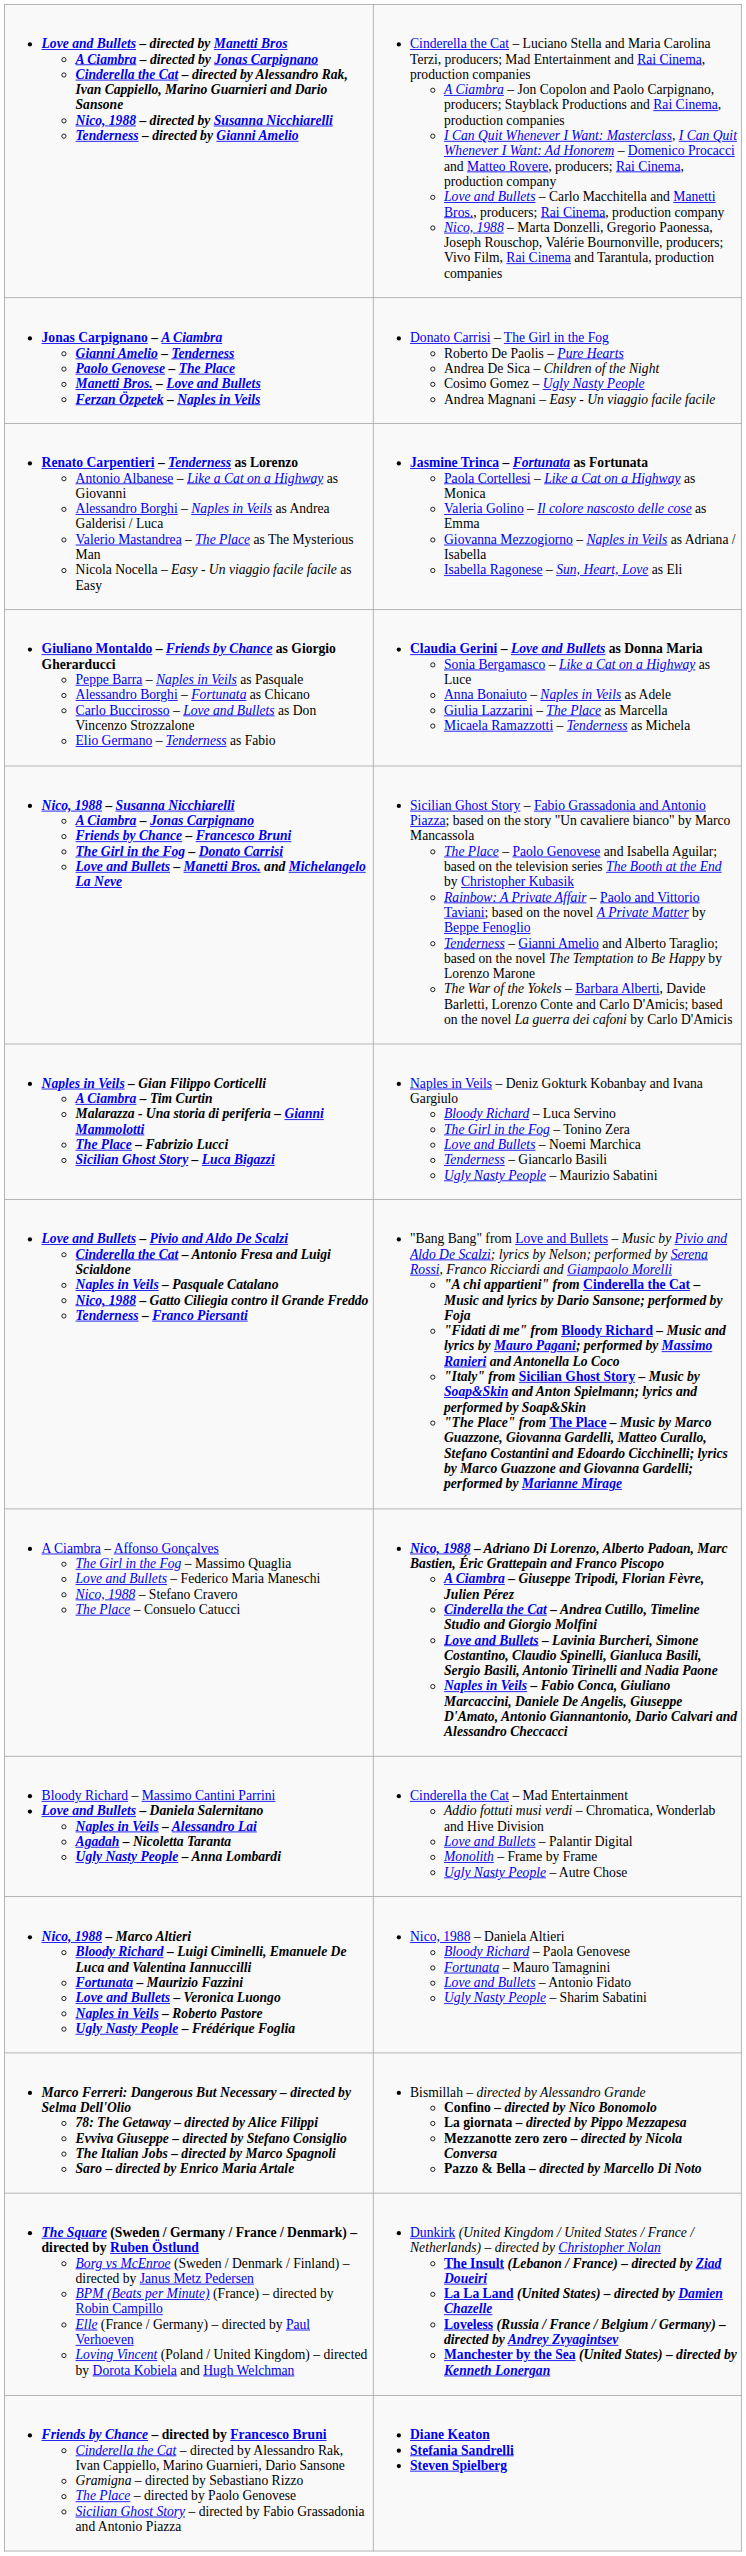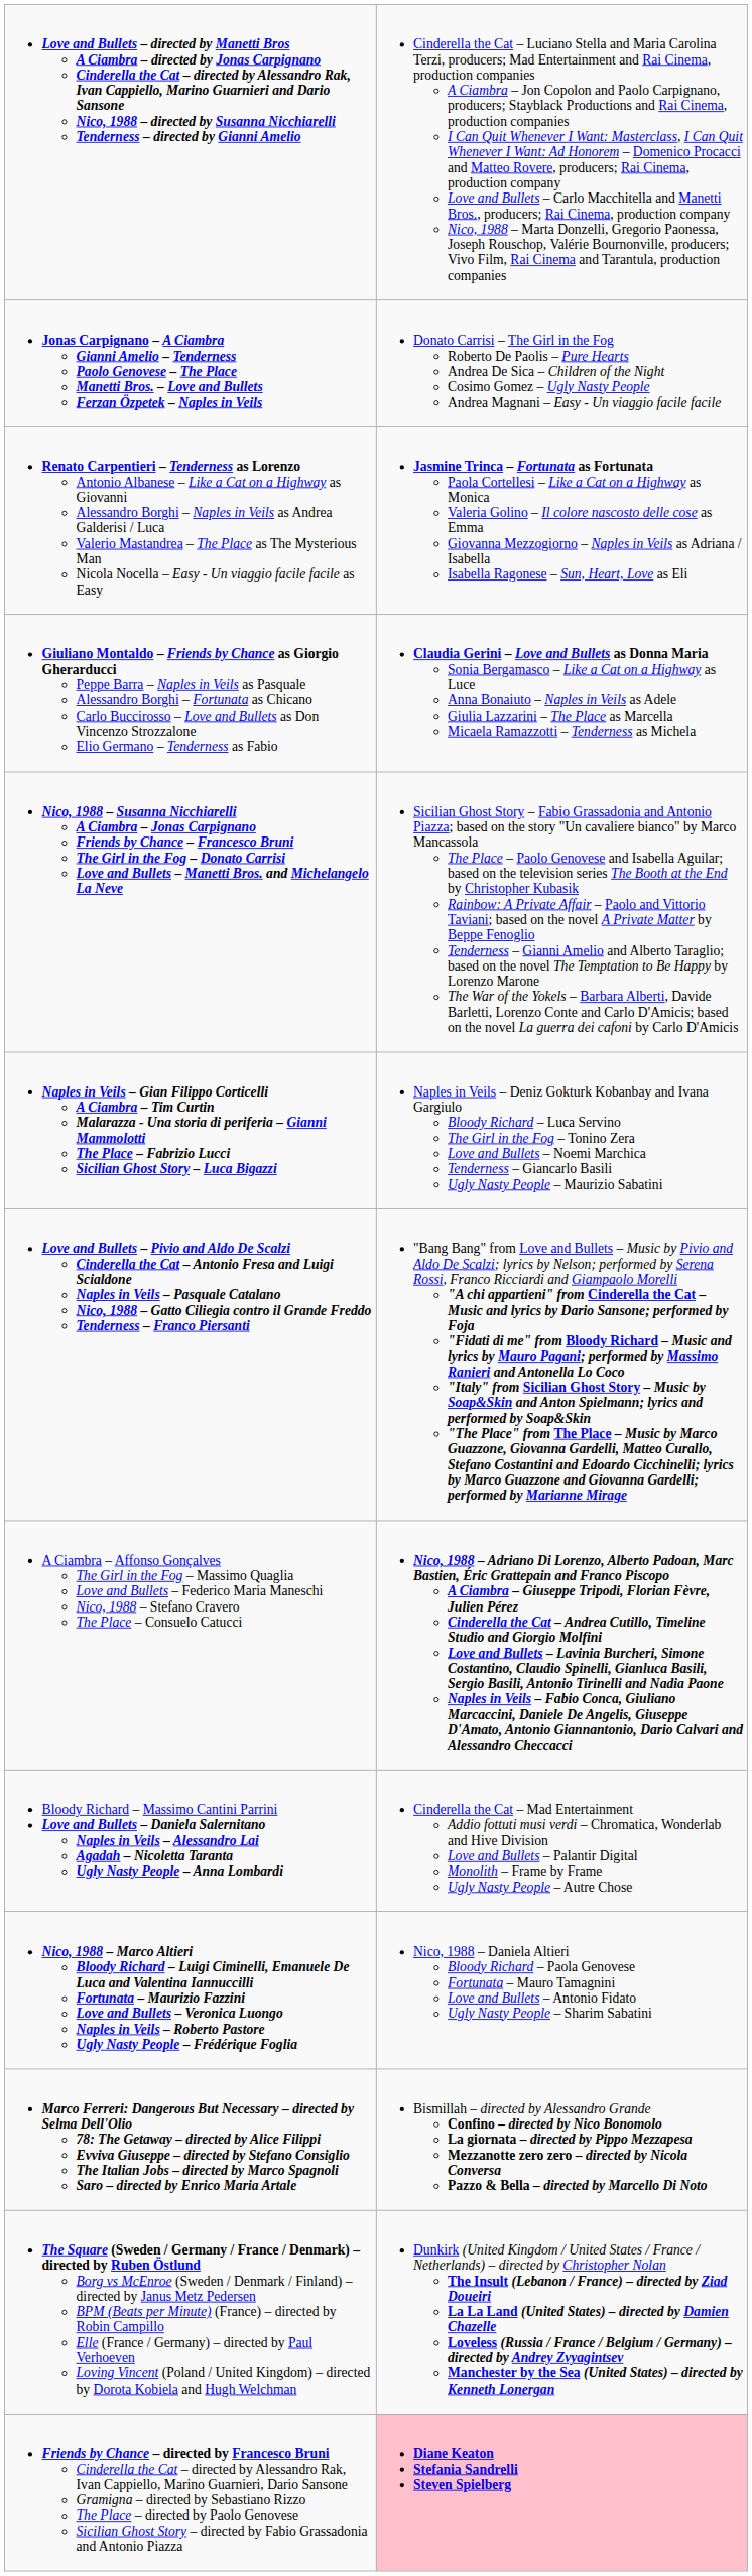 <table class="wikitable" role="presentation">
 <tr>
 <td style="vertical-align:top; width:50%;"><br><ul><li><strong><em><a href='#'>Love and Bullets</a><em> – directed by <a href='#'>Manetti Bros</a><strong><ul><li></em><a href='#'>A Ciambra</a><em> – directed by <a href='#'>Jonas Carpignano</a></li><li></em><a href='#'>Cinderella the Cat</a><em> – directed by Alessandro Rak, Ivan Cappiello, Marino Guarnieri and Dario Sansone</li><li></em><a href='#'>Nico, 1988</a><em> – directed by <a href='#'>Susanna Nicchiarelli</a></li><li></em><a href='#'>Tenderness</a><em> – directed by <a href='#'>Gianni Amelio</a></li></ul></li></ul></td>
 <td style="vertical-align:top; width:50%;"><br><ul><li></em></strong><a href='#'>Cinderella the Cat</a></em> – Luciano Stella and Maria Carolina Terzi, producers; Mad Entertainment and <a href='#'>Rai Cinema</a>, production companies</strong><ul><li><em><a href='#'>A Ciambra</a></em> – Jon Copolon and Paolo Carpignano, producers; Stayblack Productions and <a href='#'>Rai Cinema</a>, production companies</li><li><em><a href='#'>I Can Quit Whenever I Want: Masterclass</a>, <a href='#'>I Can Quit Whenever I Want: Ad Honorem</a></em> – <a href='#'>Domenico Procacci</a> and <a href='#'>Matteo Rovere</a>, producers; <a href='#'>Rai Cinema</a>, production company</li><li><em><a href='#'>Love and Bullets</a></em> – Carlo Macchitella and <a href='#'>Manetti Bros.</a>, producers; <a href='#'>Rai Cinema</a>, production company</li><li><em><a href='#'>Nico, 1988</a></em> – Marta Donzelli, Gregorio Paonessa, Joseph Rouschop, Valérie Bournonville, producers; Vivo Film, <a href='#'>Rai Cinema</a> and Tarantula, production companies</li></ul></li></ul></td>
 </tr>
 <tr>
 <td style="vertical-align:top; width:50%;"><br><ul><li><strong><a href='#'>Jonas Carpignano</a> – <em><a href='#'>A Ciambra</a><strong><em><ul><li><a href='#'>Gianni Amelio</a> – </em><a href='#'>Tenderness</a><em></li><li><a href='#'>Paolo Genovese</a> – </em><a href='#'>The Place</a><em></li><li><a href='#'>Manetti Bros.</a> – </em><a href='#'>Love and Bullets</a><em></li><li><a href='#'>Ferzan Özpetek</a> – </em><a href='#'>Naples in Veils</a><em></li></ul></li></ul></td>
 <td style="vertical-align:top; width:50%;"><br><ul><li></strong><a href='#'>Donato Carrisi</a> – </em><a href='#'>The Girl in the Fog</a></em></strong><ul><li>Roberto De Paolis – <em><a href='#'>Pure Hearts</a></em></li><li>Andrea De Sica – <em>Children of the Night</em></li><li>Cosimo Gomez – <em><a href='#'>Ugly Nasty People</a></em></li><li>Andrea Magnani – <em>Easy - Un viaggio facile facile</em></li></ul></li></ul></td>
 </tr>
 <tr>
 <td style="vertical-align:top; width:50%;"><br><ul><li><strong><a href='#'>Renato Carpentieri</a> – <em><a href='#'>Tenderness</a></em> as Lorenzo</strong><ul><li><a href='#'>Antonio Albanese</a> – <em><a href='#'>Like a Cat on a Highway</a></em> as Giovanni</li><li><a href='#'>Alessandro Borghi</a> – <em><a href='#'>Naples in Veils</a></em> as Andrea Galderisi / Luca</li><li><a href='#'>Valerio Mastandrea</a> – <em><a href='#'>The Place</a></em> as The Mysterious Man</li><li>Nicola Nocella – <em>Easy - Un viaggio facile facile</em> as Easy</li></ul></li></ul></td>
 <td style="vertical-align:top; width:50%;"><br><ul><li><strong><a href='#'>Jasmine Trinca</a> – <em><a href='#'>Fortunata</a></em> as Fortunata</strong><ul><li><a href='#'>Paola Cortellesi</a> – <em><a href='#'>Like a Cat on a Highway</a></em> as Monica</li><li><a href='#'>Valeria Golino</a> – <em><a href='#'>Il colore nascosto delle cose</a></em> as Emma</li><li><a href='#'>Giovanna Mezzogiorno</a> – <em><a href='#'>Naples in Veils</a></em> as Adriana / Isabella</li><li><a href='#'>Isabella Ragonese</a> – <em><a href='#'>Sun, Heart, Love</a></em> as Eli</li></ul></li></ul></td>
 </tr>
 <tr>
 <td style="vertical-align:top; width:50%;"><br><ul><li><strong><a href='#'>Giuliano Montaldo</a> – <em><a href='#'>Friends by Chance</a></em> as Giorgio Gherarducci</strong><ul><li><a href='#'>Peppe Barra</a> – <em><a href='#'>Naples in Veils</a></em> as Pasquale</li><li><a href='#'>Alessandro Borghi</a> – <em><a href='#'>Fortunata</a></em> as Chicano</li><li><a href='#'>Carlo Buccirosso</a> – <em><a href='#'>Love and Bullets</a></em> as Don Vincenzo Strozzalone</li><li><a href='#'>Elio Germano</a> – <em><a href='#'>Tenderness</a></em> as Fabio</li></ul></li></ul></td>
 <td style="vertical-align:top; width:50%;"><br><ul><li><strong><a href='#'>Claudia Gerini</a> – <em><a href='#'>Love and Bullets</a></em> as Donna Maria</strong><ul><li><a href='#'>Sonia Bergamasco</a> – <em><a href='#'>Like a Cat on a Highway</a></em> as Luce</li><li><a href='#'>Anna Bonaiuto</a> – <em><a href='#'>Naples in Veils</a></em> as Adele</li><li><a href='#'>Giulia Lazzarini</a> – <em><a href='#'>The Place</a></em> as Marcella</li><li><a href='#'>Micaela Ramazzotti</a> – <em><a href='#'>Tenderness</a></em> as Michela</li></ul></li></ul></td>
 </tr>
 <tr>
 <td style="vertical-align:top; width:50%;"><br><ul><li><strong><em><a href='#'>Nico, 1988</a><em> – <a href='#'>Susanna Nicchiarelli</a><strong><ul><li></em><a href='#'>A Ciambra</a><em> – <a href='#'>Jonas Carpignano</a></li><li></em><a href='#'>Friends by Chance</a><em> – <a href='#'>Francesco Bruni</a></li><li></em><a href='#'>The Girl in the Fog</a><em> – <a href='#'>Donato Carrisi</a></li><li></em><a href='#'>Love and Bullets</a><em> – <a href='#'>Manetti Bros.</a> and <a href='#'>Michelangelo La Neve</a></li></ul></li></ul></td>
 <td style="vertical-align:top; width:50%;"><br><ul><li></em></strong><a href='#'>Sicilian Ghost Story</a></em> – <a href='#'>Fabio Grassadonia and Antonio Piazza</a>; based on the story "Un cavaliere bianco" by Marco Mancassola</strong><ul><li><em><a href='#'>The Place</a></em> – <a href='#'>Paolo Genovese</a> and Isabella Aguilar; based on the television series <em><a href='#'>The Booth at the End</a></em> by <a href='#'>Christopher Kubasik</a></li><li><em><a href='#'>Rainbow: A Private Affair</a></em> – <a href='#'>Paolo and Vittorio Taviani</a>; based on the novel <em><a href='#'>A Private Matter</a></em> by <a href='#'>Beppe Fenoglio</a></li><li><em><a href='#'>Tenderness</a></em> – <a href='#'>Gianni Amelio</a> and Alberto Taraglio; based on the novel <em>The Temptation to Be Happy</em> by Lorenzo Marone</li><li><em>The War of the Yokels</em> – <a href='#'>Barbara Alberti</a>, Davide Barletti, Lorenzo Conte and Carlo D'Amicis; based on the novel <em>La guerra dei cafoni</em> by Carlo D'Amicis</li></ul></li></ul></td>
 </tr>
 <tr>
 <td style="vertical-align:top; width:50%;"><br><ul><li><strong><em><a href='#'>Naples in Veils</a><em> – Gian Filippo Corticelli <strong><ul><li></em><a href='#'>A Ciambra</a><em> – Tim Curtin</li><li></em>Malarazza - Una storia di periferia<em> – <a href='#'>Gianni Mammolotti</a></li><li></em><a href='#'>The Place</a><em> – Fabrizio Lucci</li><li></em><a href='#'>Sicilian Ghost Story</a><em> – <a href='#'>Luca Bigazzi</a></li></ul></li></ul></td>
 <td style="vertical-align:top; width:50%;"><br><ul><li></em></strong><a href='#'>Naples in Veils</a></em> – Deniz Gokturk Kobanbay and Ivana Gargiulo</strong><ul><li><em><a href='#'>Bloody Richard</a></em> – Luca Servino</li><li><em><a href='#'>The Girl in the Fog</a></em> – Tonino Zera</li><li><em><a href='#'>Love and Bullets</a></em> – Noemi Marchica</li><li><em><a href='#'>Tenderness</a></em> – Giancarlo Basili</li><li><em><a href='#'>Ugly Nasty People</a></em> – Maurizio Sabatini</li></ul></li></ul></td>
 </tr>
 <tr>
 <td style="vertical-align:top; width:50%;"><br><ul><li><strong><em><a href='#'>Love and Bullets</a><em> – <a href='#'>Pivio and Aldo De Scalzi</a><strong><ul><li></em><a href='#'>Cinderella the Cat</a><em> – Antonio Fresa and Luigi Scialdone</li><li></em><a href='#'>Naples in Veils</a><em> – Pasquale Catalano</li><li></em><a href='#'>Nico, 1988</a><em> – Gatto Ciliegia contro il Grande Freddo</li><li></em><a href='#'>Tenderness</a><em> – <a href='#'>Franco Piersanti</a></li></ul></li></ul></td>
 <td style="vertical-align:top; width:50%;"><br><ul><li></strong>"Bang Bang" from </em><a href='#'>Love and Bullets</a><em> – Music by <a href='#'>Pivio and Aldo De Scalzi</a>; lyrics by Nelson; performed by <a href='#'>Serena Rossi</a>, Franco Ricciardi and <a href='#'>Giampaolo Morelli</a><strong><ul><li>"A chi appartieni" from </em><a href='#'>Cinderella the Cat</a><em> – Music and lyrics by Dario Sansone; performed by Foja</li><li>"Fidati di me" from </em><a href='#'>Bloody Richard</a><em> – Music and lyrics by <a href='#'>Mauro Pagani</a>; performed by <a href='#'>Massimo Ranieri</a> and Antonella Lo Coco</li><li>"Italy" from </em><a href='#'>Sicilian Ghost Story</a><em> – Music by <a href='#'>Soap&Skin</a> and Anton Spielmann; lyrics and performed by Soap&Skin</li><li>"The Place" from </em><a href='#'>The Place</a><em> – Music by Marco Guazzone, Giovanna Gardelli, Matteo Curallo, Stefano Costantini and Edoardo Cicchinelli; lyrics by Marco Guazzone and Giovanna Gardelli; performed by <a href='#'>Marianne Mirage</a></li></ul></li></ul></td>
 </tr>
 <tr>
 <td style="vertical-align:top; width:50%;"><br><ul><li></em></strong><a href='#'>A Ciambra</a></em> – <a href='#'>Affonso Gonçalves</a></strong><ul><li><em><a href='#'>The Girl in the Fog</a></em> – Massimo Quaglia</li><li><em><a href='#'>Love and Bullets</a></em> – Federico Maria Maneschi</li><li><em><a href='#'>Nico, 1988</a></em> – Stefano Cravero</li><li><em><a href='#'>The Place</a></em> – Consuelo Catucci</li></ul></li></ul></td>
 <td style="vertical-align:top; width:50%;"><br><ul><li><strong><em><a href='#'>Nico, 1988</a><em> – Adriano Di Lorenzo, Alberto Padoan, Marc Bastien, Éric Grattepain and Franco Piscopo<strong><ul><li></em><a href='#'>A Ciambra</a><em> – Giuseppe Tripodi, Florian Fèvre, Julien Pérez</li><li></em><a href='#'>Cinderella the Cat</a><em> – Andrea Cutillo, Timeline Studio and Giorgio Molfini</li><li></em><a href='#'>Love and Bullets</a><em> – Lavinia Burcheri, Simone Costantino, Claudio Spinelli, Gianluca Basili, Sergio Basili, Antonio Tirinelli and Nadia Paone</li><li></em><a href='#'>Naples in Veils</a><em> – Fabio Conca, Giuliano Marcaccini, Daniele De Angelis, Giuseppe D'Amato, Antonio Giannantonio, Dario Calvari and Alessandro Checcacci</li></ul></li></ul></td>
 </tr>
 <tr>
 <td style="vertical-align:top; width:50%;"><br><ul><li></em></strong><a href='#'>Bloody Richard</a></em> – <a href='#'>Massimo Cantini Parrini</a></strong></li><li><strong><em><a href='#'>Love and Bullets</a><em> – Daniela Salernitano<strong><ul><li></em><a href='#'>Naples in Veils</a><em> – <a href='#'>Alessandro Lai</a></li><li></em><a href='#'>Agadah</a><em> – Nicoletta Taranta</li><li></em><a href='#'>Ugly Nasty People</a><em> – Anna Lombardi</li></ul></li></ul></td>
 <td style="vertical-align:top; width:50%;"><br><ul><li></em></strong><a href='#'>Cinderella the Cat</a></em> – Mad Entertainment</strong><ul><li><em>Addio fottuti musi verdi</em> – Chromatica, Wonderlab and Hive Division</li><li><em><a href='#'>Love and Bullets</a></em> – Palantir Digital</li><li><em><a href='#'>Monolith</a></em> – Frame by Frame</li><li><em><a href='#'>Ugly Nasty People</a></em> – Autre Chose</li></ul></li></ul></td>
 </tr>
 <tr>
 <td style="vertical-align:top; width:50%;"><br><ul><li><strong><em><a href='#'>Nico, 1988</a><em> – Marco Altieri<strong><ul><li></em><a href='#'>Bloody Richard</a><em> – Luigi Ciminelli, Emanuele De Luca and Valentina Iannuccilli</li><li></em><a href='#'>Fortunata</a><em> – Maurizio Fazzini</li><li></em><a href='#'>Love and Bullets</a><em> – Veronica Luongo</li><li></em><a href='#'>Naples in Veils</a><em> – Roberto Pastore</li><li></em><a href='#'>Ugly Nasty People</a><em> – Frédérique Foglia</li></ul></li></ul></td>
 <td style="vertical-align:top; width:50%;"><br><ul><li></em></strong><a href='#'>Nico, 1988</a></em> – Daniela Altieri</strong><ul><li><em><a href='#'>Bloody Richard</a></em> – Paola Genovese</li><li><em><a href='#'>Fortunata</a></em> – Mauro Tamagnini</li><li><em><a href='#'>Love and Bullets</a></em> – Antonio Fidato</li><li><em><a href='#'>Ugly Nasty People</a></em> – Sharim Sabatini</li></ul></li></ul></td>
 </tr>
 <tr>
 <td style="vertical-align:top; width:50%;"><br><ul><li><strong><em>Marco Ferreri: Dangerous But Necessary<em> – directed by Selma Dell'Olio<strong><ul><li></strong>78: The Getaway</em> – directed by Alice Filippi</li><li><em>Evviva Giuseppe</em> – directed by Stefano Consiglio</li><li><em>The Italian Jobs</em> – directed by Marco Spagnoli</li><li><em>Saro</em> – directed by Enrico Maria Artale</li></ul></li></ul></td>
 <td style="vertical-align:top; width:50%;"><br><ul><li></em></strong>Bismillah<em> – directed by Alessandro Grande<strong><ul><li></em>Confino<em> – directed by Nico Bonomolo</li><li></em>La giornata<em> – directed by Pippo Mezzapesa</li><li></em>Mezzanotte zero zero<em> – directed by Nicola Conversa</li><li></em>Pazzo & Bella<em> – directed by Marcello Di Noto</li></ul></li></ul></td>
 </tr>
 <tr>
 <td style="vertical-align:top; width:50%;"><br><ul><li><strong><em><a href='#'>The Square</a></em> (Sweden / Germany / France / Denmark) – directed by <a href='#'>Ruben Östlund</a></strong><ul><li><em><a href='#'>Borg vs McEnroe</a></em> (Sweden / Denmark / Finland) – directed by <a href='#'>Janus Metz Pedersen</a></li><li><em><a href='#'>BPM (Beats per Minute)</a></em> (France) – directed by <a href='#'>Robin Campillo</a></li><li><em><a href='#'>Elle</a></em> (France / Germany) – directed by <a href='#'>Paul Verhoeven</a></li><li><em><a href='#'>Loving Vincent</a></em> (Poland / United Kingdom) – directed by <a href='#'>Dorota Kobiela</a> and <a href='#'>Hugh Welchman</a></li></ul></li></ul></td>
 <td style="vertical-align:top; width:50%;"><br><ul><li></em></strong><a href='#'>Dunkirk</a><em> (United Kingdom / United States / France / Netherlands) – directed by <a href='#'>Christopher Nolan</a><strong><ul><li></em><a href='#'>The Insult</a><em> (Lebanon / France) – directed by <a href='#'>Ziad Doueiri</a></li><li></em><a href='#'>La La Land</a><em> (United States) – directed by <a href='#'>Damien Chazelle</a></li><li></em><a href='#'>Loveless</a><em> (Russia / France / Belgium / Germany) – directed by <a href='#'>Andrey Zvyagintsev</a></li><li></em><a href='#'>Manchester by the Sea</a><em> (United States) – directed by <a href='#'>Kenneth Lonergan</a></li></ul></li></ul></td>
 </tr>
 <tr>
 <td style="vertical-align:top; width:50%;"><br><ul><li><strong><em><a href='#'>Friends by Chance</a></em> – directed by <a href='#'>Francesco Bruni</a></strong><ul><li><em><a href='#'>Cinderella the Cat</a></em> – directed by Alessandro Rak, Ivan Cappiello, Marino Guarnieri, Dario Sansone</li><li><em>Gramigna</em> – directed by Sebastiano Rizzo</li><li><em><a href='#'>The Place</a></em> – directed by Paolo Genovese</li><li><em><a href='#'>Sicilian Ghost Story</a></em> – directed by Fabio Grassadonia and Antonio Piazza</li></ul></li></ul></td>
-<td style="vertical-align:top; width:50%;"><br><ul><li><strong><a href='#'>Diane Keaton</a></strong></li><li><strong><a href='#'>Stefania Sandrelli</a></strong></li><li><strong><a href='#'>Steven Spielberg</a></strong></li></ul></td>
+<td style="background: pink; vertical-align:top; width:50%;"><br><ul><li><strong><a href='#'>Diane Keaton</a></strong></li><li><strong><a href='#'>Stefania Sandrelli</a></strong></li><li><strong><a href='#'>Steven Spielberg</a></strong></li></ul></td>
 </tr>
 </table>
